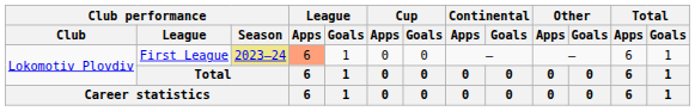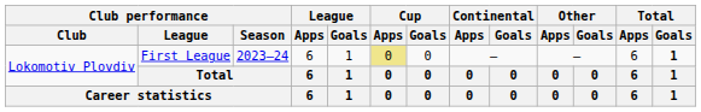 <table class="wikitable" style="text-align: center">
 <tr>
 <th Colspan="3">Club performance</th>
 <th Colspan="2">League</th>
 <th Colspan="2">Cup</th>
 <th Colspan="2">Continental</th>
 <th Colspan="2">Other</th>
 <th Colspan="3">Total</th>
 </tr>
 <tr>
 <th>Club</th>
 <th>League</th>
 <th>Season</th>
 <th>Apps</th>
 <th>Goals</th>
 <th>Apps</th>
 <th>Goals</th>
 <th>Apps</th>
 <th>Goals</th>
 <th>Apps</th>
 <th>Goals</th>
 <th>Apps</th>
 <th>Goals</th>
 </tr>
 <tr>
 <td rowspan="2" valign="center"><a href='#'>Lokomotiv Plovdiv</a></td>
 <td rowspan="1"><a href='#'>First League</a></td>
-<td style="background: khaki;"><a href='#'>2023–24</a></td>
-<td style="background: lightsalmon;">6</td>
+<td><a href='#'>2023–24</a></td>
+<td>6</td>
 <td>1</td>
-<td>0</td>
+<td style="background: khaki;">0</td>
 <td>0</td>
 <td colspan="2">–</td>
 <td colspan="2">–</td>
 <td>6</td>
-<td>1</td>
+<td><strong>1</strong></td>
 </tr>
 <tr>
 <th colspan=2>Total</th>
 <th>6</th>
 <th>1</th>
 <th>0</th>
 <th>0</th>
 <th>0</th>
 <th>0</th>
 <th>0</th>
 <th>0</th>
 <th>6</th>
 <th>1</th>
 </tr>
 <tr>
 <th colspan="3">Career statistics</th>
 <th>6</th>
 <th>1</th>
 <th>0</th>
 <th>0</th>
 <th>0</th>
 <th>0</th>
 <th>0</th>
 <th>0</th>
 <th>6</th>
 <th>1</th>
 </tr>
 </table>
